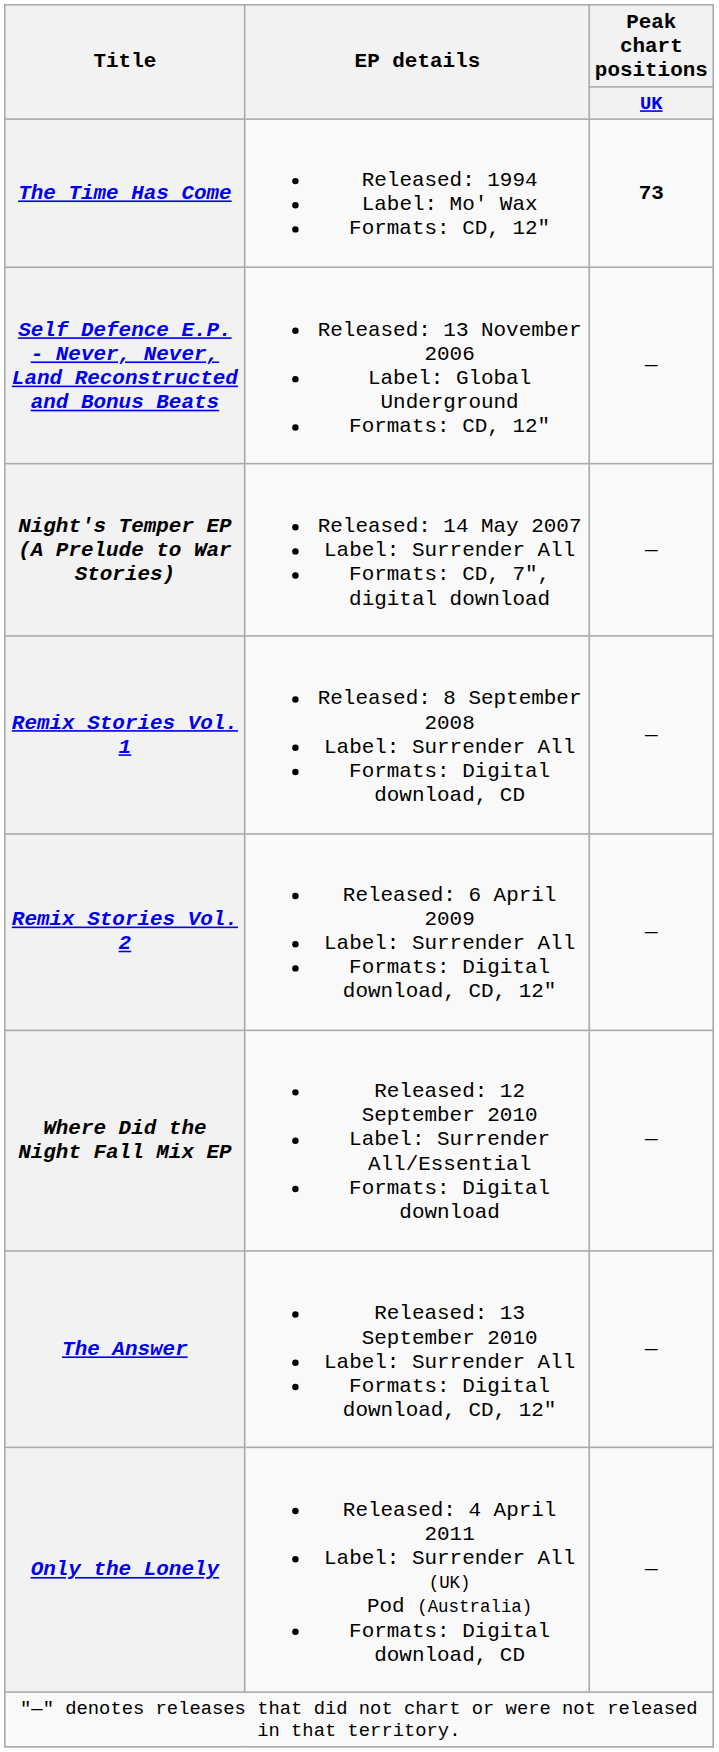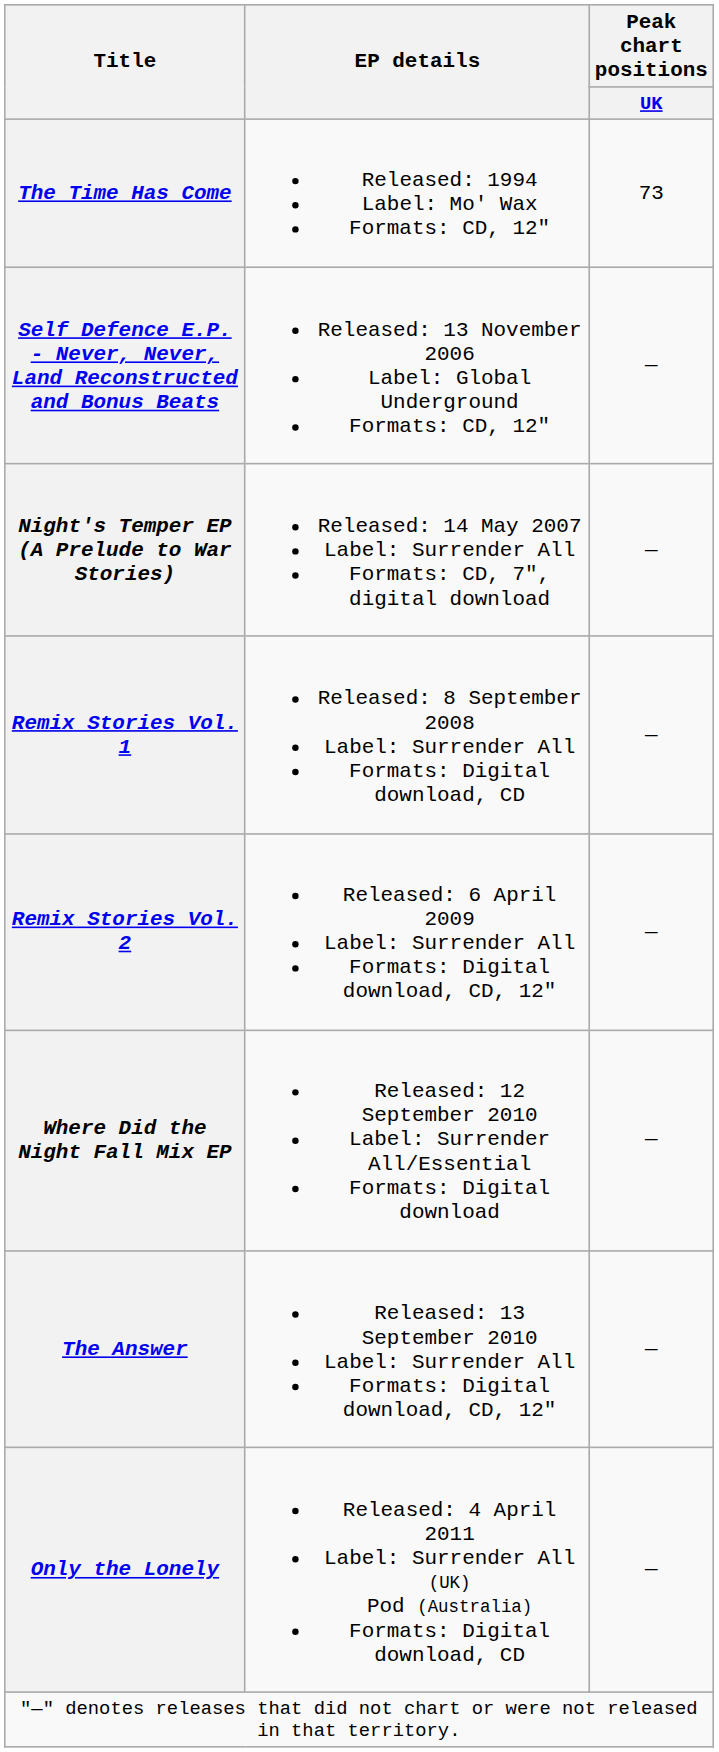 <table class="wikitable plainrowheaders" style="text-align:center;" border="1">
 <tr>
 <th scope="col" rowspan="2" style="width:11em;">Title</th>
 <th scope="col" rowspan="2" style="width:16em;">EP details</th>
 <th scope="col" colspan="1">Peak chart positions</th>
 </tr>
 <tr>
 <th scope="col" style="width:3em;font-size:90%;"><a href='#'>UK</a><br></th>
 </tr>
 <tr>
 <th scope="row"><em><a href='#'>The Time Has Come</a></em></th>
 <td><br><ul><li>Released: 1994</li><li>Label: Mo' Wax</li><li>Formats: CD, 12"</li></ul></td>
-<td><strong>73</strong></td>
+<td>73</td>
 </tr>
 <tr>
 <th scope="row"><em><a href='#'>Self Defence E.P. - Never, Never, Land Reconstructed and Bonus Beats</a></em></th>
 <td><br><ul><li>Released: 13 November 2006</li><li>Label: Global Underground</li><li>Formats: CD, 12"</li></ul></td>
 <td>—</td>
 </tr>
 <tr>
 <th scope="row"><em>Night's Temper EP (A Prelude to War Stories)</em></th>
 <td><br><ul><li>Released: 14 May 2007</li><li>Label: Surrender All</li><li>Formats: CD, 7", digital download</li></ul></td>
 <td>—</td>
 </tr>
 <tr>
 <th scope="row"><em><a href='#'>Remix Stories Vol. 1</a></em></th>
 <td><br><ul><li>Released: 8 September 2008</li><li>Label: Surrender All</li><li>Formats: Digital download, CD</li></ul></td>
 <td>—</td>
 </tr>
 <tr>
 <th scope="row"><em><a href='#'>Remix Stories Vol. 2</a></em></th>
 <td><br><ul><li>Released: 6 April 2009</li><li>Label: Surrender All</li><li>Formats: Digital download, CD, 12"</li></ul></td>
 <td>—</td>
 </tr>
 <tr>
 <th scope="row"><em>Where Did the Night Fall Mix EP</em></th>
 <td><br><ul><li>Released: 12 September 2010</li><li>Label: Surrender All/Essential</li><li>Formats: Digital download</li></ul></td>
 <td>—</td>
 </tr>
 <tr>
 <th scope="row"><em><a href='#'>The Answer</a></em></th>
 <td><br><ul><li>Released: 13 September 2010</li><li>Label: Surrender All</li><li>Formats: Digital download, CD, 12"</li></ul></td>
 <td>—</td>
 </tr>
 <tr>
 <th scope="row"><em><a href='#'>Only the Lonely</a></em></th>
 <td><br><ul><li>Released: 4 April 2011</li><li>Label: Surrender All <small>(UK)</small><br>Pod <small>(Australia)</small></li><li>Formats: Digital download, CD</li></ul></td>
 <td>—</td>
 </tr>
 <tr>
 <td colspan="3" style="font-size:90%">"—" denotes releases that did not chart or were not released in that territory.</td>
 </tr>
 </table>
